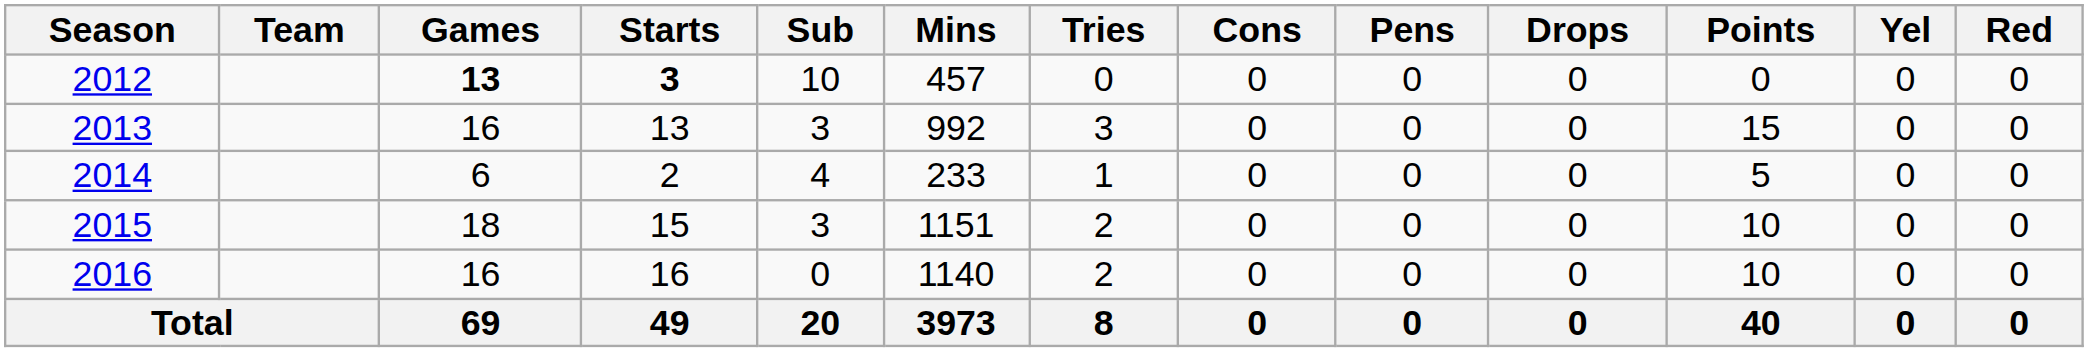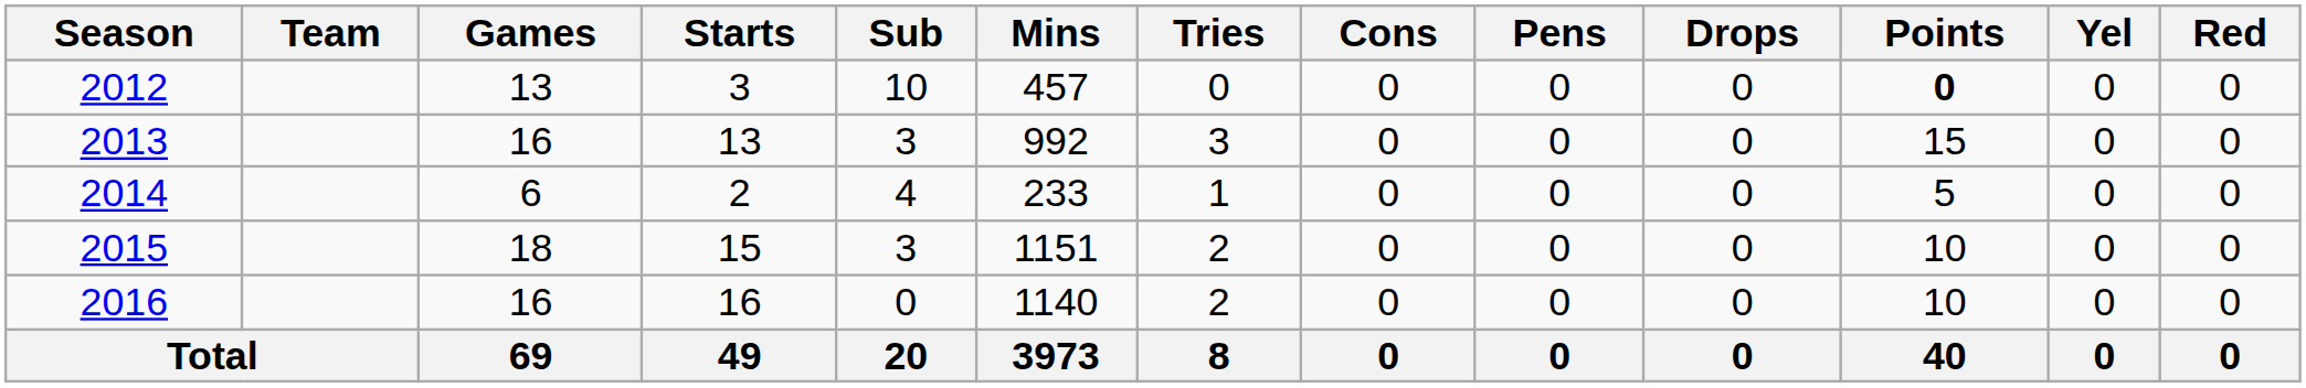 <table class="wikitable" style="text-align:center; line-height:90%; font-size:95%; width:70%;">
 <tr>
 <th>Season</th>
 <th>Team</th>
 <th>Games</th>
 <th>Starts</th>
 <th>Sub</th>
 <th>Mins</th>
 <th>Tries</th>
 <th>Cons</th>
 <th>Pens</th>
 <th>Drops</th>
 <th>Points</th>
 <th>Yel</th>
 <th>Red</th>
 </tr>
 <tr>
 <td><a href='#'>2012</a></td>
 <td></td>
-<td><strong>13</strong></td>
-<td><strong>3</strong></td>
+<td>13</td>
+<td>3</td>
 <td>10</td>
 <td>457</td>
 <td>0</td>
 <td>0</td>
 <td>0</td>
 <td>0</td>
-<td>0</td>
+<td><strong>0</strong></td>
 <td>0</td>
 <td>0</td>
 </tr>
 <tr>
 <td><a href='#'>2013</a></td>
 <td></td>
 <td>16</td>
 <td>13</td>
 <td>3</td>
 <td>992</td>
 <td>3</td>
 <td>0</td>
 <td>0</td>
 <td>0</td>
 <td>15</td>
 <td>0</td>
 <td>0</td>
 </tr>
 <tr>
 <td><a href='#'>2014</a></td>
 <td></td>
 <td>6</td>
 <td>2</td>
 <td>4</td>
 <td>233</td>
 <td>1</td>
 <td>0</td>
 <td>0</td>
 <td>0</td>
 <td>5</td>
 <td>0</td>
 <td>0</td>
 </tr>
 <tr>
 <td><a href='#'>2015</a></td>
 <td></td>
 <td>18</td>
 <td>15</td>
 <td>3</td>
 <td>1151</td>
 <td>2</td>
 <td>0</td>
 <td>0</td>
 <td>0</td>
 <td>10</td>
 <td>0</td>
 <td>0</td>
 </tr>
 <tr>
 <td><a href='#'>2016</a></td>
 <td></td>
 <td>16</td>
 <td>16</td>
 <td>0</td>
 <td>1140</td>
 <td>2</td>
 <td>0</td>
 <td>0</td>
 <td>0</td>
 <td>10</td>
 <td>0</td>
 <td>0</td>
 </tr>
 <tr>
 <th colspan="2">Total</th>
 <th>69</th>
 <th>49</th>
 <th>20</th>
 <th>3973</th>
 <th>8</th>
 <th>0</th>
 <th>0</th>
 <th>0</th>
 <th>40</th>
 <th>0</th>
 <th>0</th>
 </tr>
 </table>
